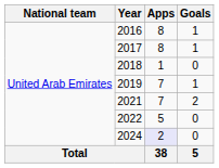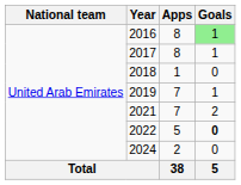 <table class="wikitable" style="text-align:center">
 <tr>
 <th>National team</th>
 <th>Year</th>
 <th>Apps</th>
 <th>Goals</th>
 </tr>
 <tr>
 <td rowspan="7"><a href='#'>United Arab Emirates</a></td>
 <td>2016</td>
 <td>8</td>
-<td>1</td>
+<td style="background: lightgreen;">1</td>
 </tr>
 <tr>
 <td>2017</td>
 <td>8</td>
 <td>1</td>
 </tr>
 <tr>
 <td>2018</td>
 <td>1</td>
 <td>0</td>
 </tr>
 <tr>
 <td>2019</td>
 <td>7</td>
 <td>1</td>
 </tr>
 <tr>
 <td>2021</td>
 <td>7</td>
 <td>2</td>
 </tr>
 <tr>
 <td>2022</td>
 <td>5</td>
-<td>0</td>
+<td><strong>0</strong></td>
 </tr>
 <tr>
 <td>2024</td>
-<td style="background: lavender;">2</td>
+<td>2</td>
 <td>0</td>
 </tr>
 <tr>
 <th colspan="2">Total</th>
 <th>38</th>
 <th>5</th>
 </tr>
 </table>
